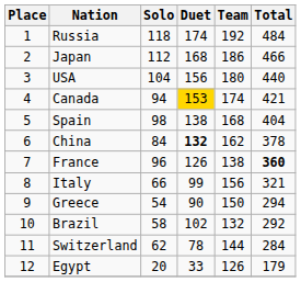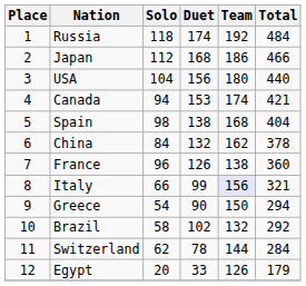 <table class="wikitable sortable" style="text-align: center">
 <tr>
 <th>Place</th>
 <th>Nation</th>
 <th>Solo</th>
 <th>Duet</th>
 <th>Team</th>
 <th>Total</th>
 </tr>
 <tr>
 <td>1</td>
 <td align=left> Russia</td>
 <td>118</td>
 <td>174</td>
 <td>192</td>
 <td>484</td>
 </tr>
 <tr>
 <td>2</td>
 <td align=left> Japan</td>
 <td>112</td>
 <td>168</td>
 <td>186</td>
 <td>466</td>
 </tr>
 <tr>
 <td>3</td>
 <td align=left> USA</td>
 <td>104</td>
 <td>156</td>
 <td>180</td>
 <td>440</td>
 </tr>
 <tr>
 <td>4</td>
 <td align=left> Canada</td>
 <td>94</td>
-<td style="background: gold;">153</td>
+<td>153</td>
 <td>174</td>
 <td>421</td>
 </tr>
 <tr>
 <td>5</td>
 <td align=left> Spain</td>
 <td>98</td>
 <td>138</td>
 <td>168</td>
 <td>404</td>
 </tr>
 <tr>
 <td>6</td>
 <td align=left> China</td>
 <td>84</td>
-<td><strong>132</strong></td>
+<td>132</td>
 <td>162</td>
 <td>378</td>
 </tr>
 <tr>
 <td>7</td>
 <td align=left> France</td>
 <td>96</td>
 <td>126</td>
 <td>138</td>
-<td><strong>360</strong></td>
+<td>360</td>
 </tr>
 <tr>
 <td>8</td>
 <td align=left> Italy</td>
 <td>66</td>
 <td>99</td>
-<td>156</td>
+<td style="background: lavender;">156</td>
 <td>321</td>
 </tr>
 <tr>
 <td>9</td>
 <td align=left> Greece</td>
 <td>54</td>
 <td>90</td>
 <td>150</td>
 <td>294</td>
 </tr>
 <tr>
 <td>10</td>
 <td align=left> Brazil</td>
 <td>58</td>
 <td>102</td>
 <td>132</td>
 <td>292</td>
 </tr>
 <tr>
 <td>11</td>
 <td align=left> Switzerland</td>
 <td>62</td>
 <td>78</td>
 <td>144</td>
 <td>284</td>
 </tr>
 <tr>
 <td>12</td>
 <td align=left> Egypt</td>
 <td>20</td>
 <td>33</td>
 <td>126</td>
 <td>179</td>
 </tr>
 <tr>
 </tr>
 </table>
